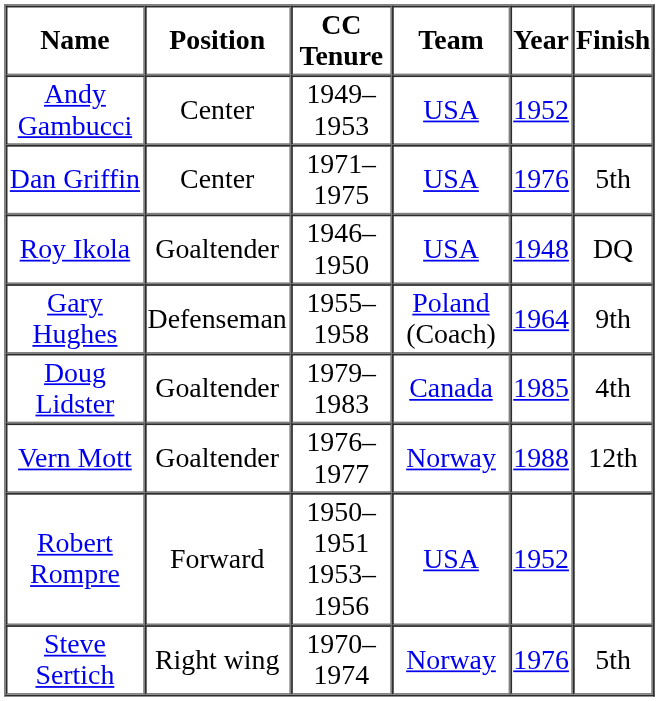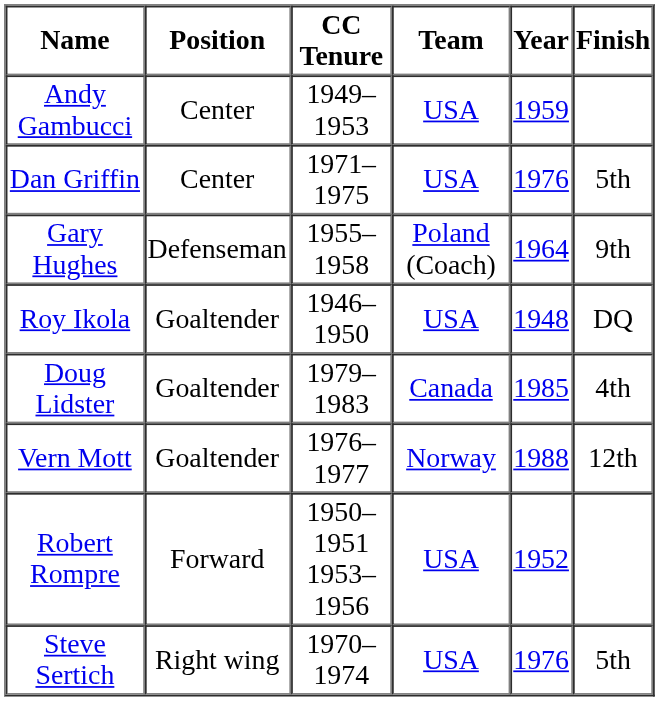 <table cellpadding="1" border="1" cellspacing="0" width="60%">
 <tr>
 <th>Name</th>
 <th>Position</th>
 <th>CC Tenure</th>
 <th>Team</th>
 <th>Year</th>
 <th>Finish</th>
 </tr>
 <tr align="center">
 <td><a href='#'>Andy Gambucci</a></td>
 <td>Center</td>
 <td>1949–1953</td>
 <td> <a href='#'>USA</a></td>
-<td><a href='#'>1952</a></td>
+<td><a href='#'>1959</a></td>
 <td></td>
 </tr>
 <tr align="center">
 <td><a href='#'>Dan Griffin</a></td>
 <td>Center</td>
 <td>1971–1975</td>
 <td> <a href='#'>USA</a></td>
 <td><a href='#'>1976</a></td>
 <td>5th</td>
 </tr>
 <tr align="center">
+<td><a href='#'>Gary Hughes</a></td>
+<td>Defenseman</td>
+<td>1955–1958</td>
+<td> <a href='#'>Poland</a> (Coach)</td>
+<td><a href='#'>1964</a></td>
+<td>9th</td>
+</tr>
+<tr align="center">
 <td><a href='#'>Roy Ikola</a></td>
 <td>Goaltender</td>
 <td>1946–1950</td>
 <td> <a href='#'>USA</a></td>
 <td><a href='#'>1948</a></td>
 <td>DQ</td>
-</tr>
-<tr align="center">
-<td><a href='#'>Gary Hughes</a></td>
-<td>Defenseman</td>
-<td>1955–1958</td>
-<td> <a href='#'>Poland</a> (Coach)</td>
-<td><a href='#'>1964</a></td>
-<td>9th</td>
 </tr>
 <tr align="center">
 <td><a href='#'>Doug Lidster</a></td>
 <td>Goaltender</td>
 <td>1979–1983</td>
 <td> <a href='#'>Canada</a></td>
 <td><a href='#'>1985</a></td>
 <td>4th</td>
 </tr>
 <tr align="center">
 <td><a href='#'>Vern Mott</a></td>
 <td>Goaltender</td>
 <td>1976–1977</td>
 <td> <a href='#'>Norway</a></td>
 <td><a href='#'>1988</a></td>
 <td>12th</td>
 </tr>
 <tr align="center">
 <td><a href='#'>Robert Rompre</a></td>
 <td>Forward</td>
 <td>1950–1951<br>1953–1956</td>
 <td> <a href='#'>USA</a></td>
 <td><a href='#'>1952</a></td>
 <td></td>
 </tr>
 <tr align="center">
 <td><a href='#'>Steve Sertich</a></td>
 <td>Right wing</td>
 <td>1970–1974</td>
-<td> <a href='#'>Norway</a></td>
+<td> <a href='#'>USA</a></td>
 <td><a href='#'>1976</a></td>
 <td>5th</td>
 </tr>
 <tr align="center">
 </tr>
 </table>
